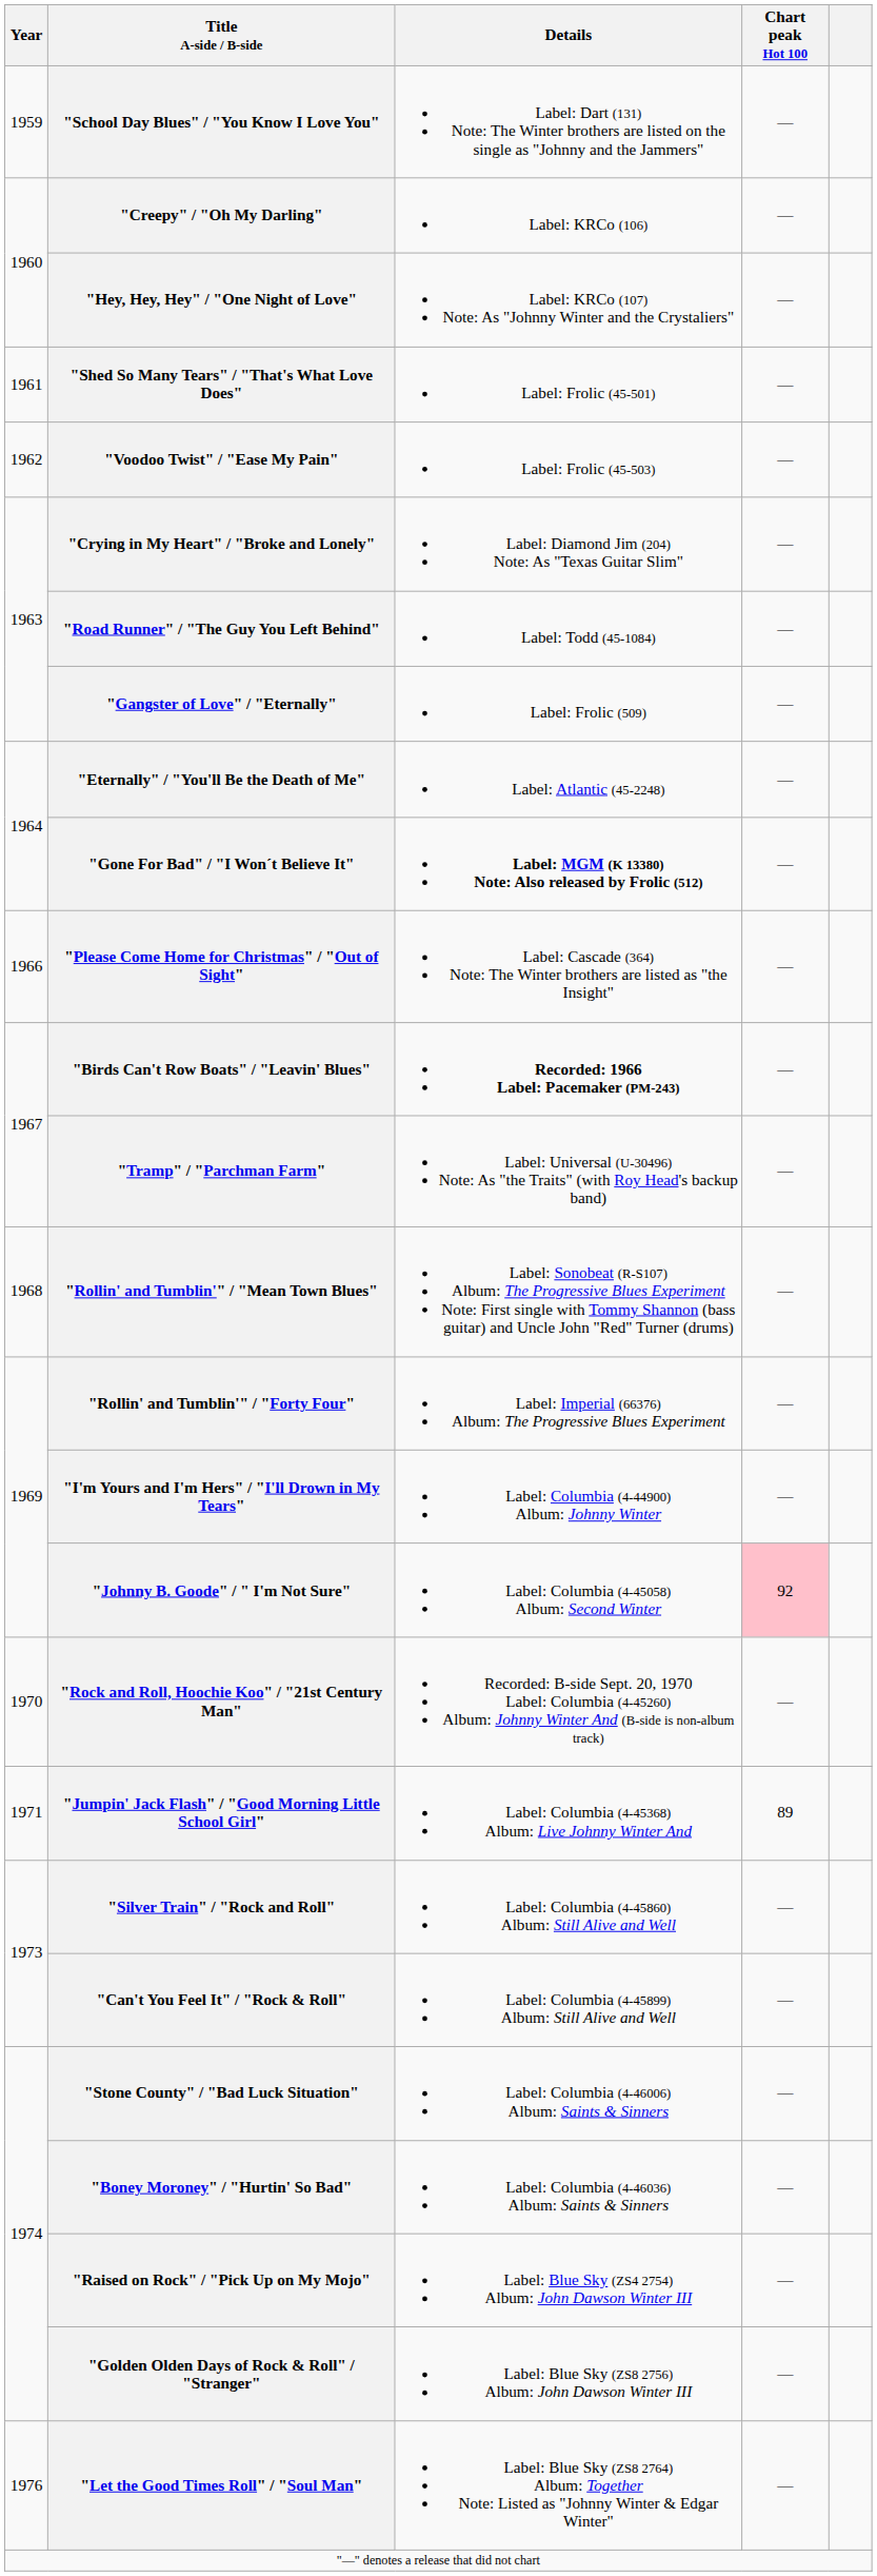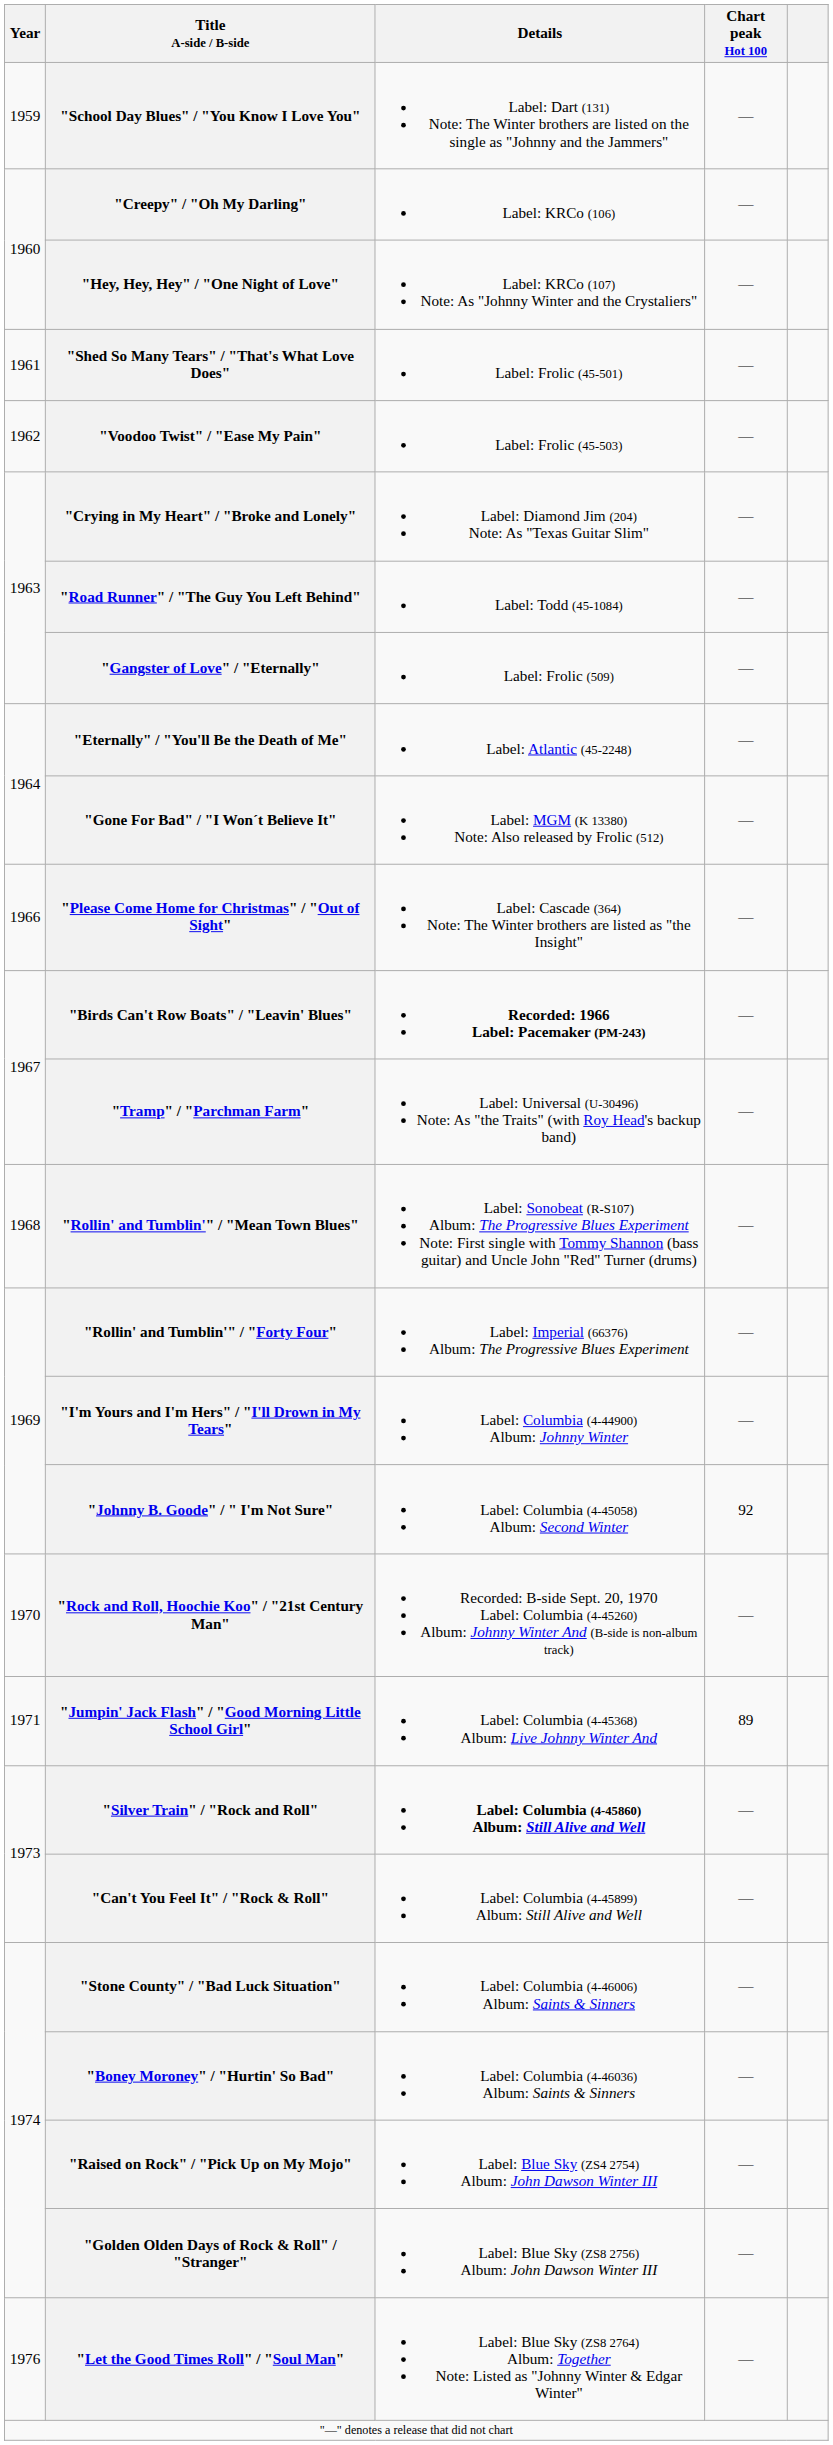 <table class="wikitable plainrowheaders" style="text-align:center;">
 <tr>
 <th scope="col" width=5%>Year</th>
 <th scope="col" width=40%>Title<br><small>A-side / B-side</small></th>
 <th scope="col" width=40%>Details</th>
 <th scope="col" width=10%>Chart<br>peak<br><small><a href='#'>Hot 100</a></small></th>
 <th scope="col" width=5%></th>
 </tr>
 <tr>
 <td>1959</td>
 <th scope="row">"School Day Blues" / "You Know I Love You"</th>
 <td><br><ul><li>Label: Dart <small>(131)</small></li><li>Note: The Winter brothers are listed on the single as "Johnny and the Jammers"</li></ul></td>
 <td>—</td>
 <td></td>
 </tr>
 <tr>
 <td rowspan=2>1960</td>
 <th scope="row">"Creepy" / "Oh My Darling"</th>
 <td><br><ul><li>Label: KRCo <small>(106)</small></li></ul></td>
 <td>—</td>
 <td></td>
 </tr>
 <tr>
 <th scope="row">"Hey, Hey, Hey" / "One Night of Love"</th>
 <td><br><ul><li>Label: KRCo <small>(107)</small></li><li>Note: As "Johnny Winter and the Crystaliers"</li></ul></td>
 <td>—</td>
 <td></td>
 </tr>
 <tr>
 <td>1961</td>
 <th scope="row">"Shed So Many Tears" / "That's What Love Does"</th>
 <td><br><ul><li>Label: Frolic <small>(45-501)</small></li></ul></td>
 <td>—</td>
 <td></td>
 </tr>
 <tr>
 <td>1962</td>
 <th scope="row">"Voodoo Twist" / "Ease My Pain"</th>
 <td><br><ul><li>Label: Frolic <small>(45-503)</small></li></ul></td>
 <td>—</td>
 <td></td>
 </tr>
 <tr>
 <td rowspan=3>1963</td>
 <th scope="row">"Crying in My Heart" / "Broke and Lonely"</th>
 <td><br><ul><li>Label: Diamond Jim <small>(204)</small></li><li>Note: As "Texas Guitar Slim"</li></ul></td>
 <td>—</td>
 <td></td>
 </tr>
 <tr>
 <th scope="row">"<a href='#'>Road Runner</a>" / "The Guy You Left Behind"</th>
 <td><br><ul><li>Label: Todd <small>(45-1084)</small></li></ul></td>
 <td>—</td>
 <td></td>
 </tr>
 <tr>
 <th scope="row">"<a href='#'>Gangster of Love</a>" / "Eternally"</th>
 <td><br><ul><li>Label: Frolic <small>(509)</small></li></ul></td>
 <td>—</td>
 <td></td>
 </tr>
 <tr>
 <td rowspan=2>1964</td>
 <th scope="row">"Eternally" / "You'll Be the Death of Me"</th>
 <td><br><ul><li>Label: <a href='#'>Atlantic</a> <small>(45-2248)</small></li></ul></td>
 <td>—</td>
 <td></td>
 </tr>
 <tr>
 <th scope="row">"Gone For Bad" / "I Won´t Believe It"</th>
-<td><strong><br><ul><li>Label: <a href='#'>MGM</a> <small>(K 13380)</small></li><li>Note: Also released by Frolic <small>(512)</small></li></ul></strong></td>
+<td><br><ul><li>Label: <a href='#'>MGM</a> <small>(K 13380)</small></li><li>Note: Also released by Frolic <small>(512)</small></li></ul></td>
 <td>—</td>
 <td></td>
 </tr>
 <tr>
 <td>1966</td>
 <th scope="row">"<a href='#'>Please Come Home for Christmas</a>" / "<a href='#'>Out of Sight</a>"</th>
 <td><br><ul><li>Label: Cascade <small>(364)</small></li><li>Note: The Winter brothers are listed as "the Insight"</li></ul></td>
 <td>—</td>
 <td></td>
 </tr>
 <tr>
 <td rowspan=2>1967</td>
 <th scope="row">"Birds Can't Row Boats" / "Leavin' Blues"</th>
 <td><strong><br><ul><li>Recorded: 1966</li><li>Label: Pacemaker <small>(PM-243)</small></li></ul></strong></td>
 <td>—</td>
 <td></td>
 </tr>
 <tr>
 <th scope="row">"<a href='#'>Tramp</a>" / "<a href='#'>Parchman Farm</a>"</th>
 <td><br><ul><li>Label: Universal <small>(U-30496)</small></li><li>Note: As "the Traits" (with <a href='#'>Roy Head</a>'s backup band)</li></ul></td>
 <td>—</td>
 <td></td>
 </tr>
 <tr>
 <td>1968</td>
 <th scope="row">"<a href='#'>Rollin' and Tumblin'</a>" / "Mean Town Blues"</th>
 <td><br><ul><li>Label: <a href='#'>Sonobeat</a> <small>(R-S107)</small></li><li>Album: <em><a href='#'>The Progressive Blues Experiment</a></em></li><li>Note: First single with <a href='#'>Tommy Shannon</a> (bass guitar) and Uncle John "Red" Turner (drums)</li></ul></td>
 <td>—</td>
 <td></td>
 </tr>
 <tr>
 <td rowspan=3>1969</td>
 <th scope="row">"Rollin' and Tumblin'" / "<a href='#'>Forty Four</a>"</th>
 <td><br><ul><li>Label: <a href='#'>Imperial</a> <small>(66376)</small></li><li>Album: <em>The Progressive Blues Experiment</em></li></ul></td>
 <td>—</td>
 <td></td>
 </tr>
 <tr>
 <th scope="row">"I'm Yours and I'm Hers" / "<a href='#'>I'll Drown in My Tears</a>"</th>
 <td><br><ul><li>Label: <a href='#'>Columbia</a> <small>(4-44900)</small></li><li>Album: <em><a href='#'>Johnny Winter</a></em></li></ul></td>
 <td>—</td>
 <td></td>
 </tr>
 <tr>
 <th scope="row">"<a href='#'>Johnny B. Goode</a>" / " I'm Not Sure"</th>
 <td><br><ul><li>Label: Columbia <small>(4-45058)</small></li><li>Album: <em><a href='#'>Second Winter</a></em></li></ul></td>
-<td style="background: pink;">92</td>
+<td>92</td>
 <td></td>
 </tr>
 <tr>
 <td>1970</td>
 <th scope="row">"<a href='#'>Rock and Roll, Hoochie Koo</a>" / "21st Century Man"</th>
 <td><br><ul><li>Recorded: B-side Sept. 20, 1970</li><li>Label: Columbia <small>(4-45260)</small></li><li>Album: <em><a href='#'>Johnny Winter And</a></em> <small>(B-side is non-album track)</small></li></ul></td>
 <td>—</td>
 <td></td>
 </tr>
 <tr>
 <td>1971</td>
 <th scope="row">"<a href='#'>Jumpin' Jack Flash</a>" / "<a href='#'>Good Morning Little School Girl</a>"</th>
 <td><br><ul><li>Label: Columbia <small>(4-45368)</small></li><li>Album: <em><a href='#'>Live Johnny Winter And</a></em></li></ul></td>
 <td>89</td>
 <td></td>
 </tr>
 <tr>
 <td rowspan=2>1973</td>
 <th scope="row">"<a href='#'>Silver Train</a>" / "Rock and Roll"</th>
-<td><br><ul><li>Label: Columbia <small>(4-45860)</small></li><li>Album: <em><a href='#'>Still Alive and Well</a></em></li></ul></td>
+<td><strong><br><ul><li>Label: Columbia <small>(4-45860)</small></li><li>Album: <em><a href='#'>Still Alive and Well</a></em></li></ul></strong></td>
 <td>—</td>
 <td></td>
 </tr>
 <tr>
 <th scope="row">"Can't You Feel It" / "Rock & Roll"</th>
 <td><br><ul><li>Label: Columbia <small>(4-45899)</small></li><li>Album: <em>Still Alive and Well</em></li></ul></td>
 <td>—</td>
 <td></td>
 </tr>
 <tr>
 <td rowspan=4>1974</td>
 <th scope="row">"Stone County" / "Bad Luck Situation"</th>
 <td><br><ul><li>Label: Columbia <small>(4-46006)</small></li><li>Album: <em><a href='#'>Saints & Sinners</a></em></li></ul></td>
 <td>—</td>
 <td></td>
 </tr>
 <tr>
 <th scope="row">"<a href='#'>Boney Moroney</a>" / "Hurtin' So Bad"</th>
 <td><br><ul><li>Label: Columbia <small>(4-46036)</small></li><li>Album: <em>Saints & Sinners</em></li></ul></td>
 <td>—</td>
 <td></td>
 </tr>
 <tr>
 <th scope="row">"Raised on Rock" / "Pick Up on My Mojo"</th>
 <td><br><ul><li>Label: <a href='#'>Blue Sky</a> <small>(ZS4 2754)</small></li><li>Album: <em><a href='#'>John Dawson Winter III</a></em></li></ul></td>
 <td>—</td>
 <td></td>
 </tr>
 <tr>
 <th scope="row">"Golden Olden Days of Rock & Roll" / "Stranger"</th>
 <td><br><ul><li>Label: Blue Sky <small>(ZS8 2756)</small></li><li>Album: <em>John Dawson Winter III</em></li></ul></td>
 <td>—</td>
 <td></td>
 </tr>
 <tr>
 <td>1976</td>
 <th scope="row">"<a href='#'>Let the Good Times Roll</a>" / "<a href='#'>Soul Man</a>"</th>
 <td><br><ul><li>Label: Blue Sky <small>(ZS8 2764)</small></li><li>Album: <em><a href='#'>Together</a></em></li><li>Note: Listed as "Johnny Winter & Edgar Winter"</li></ul></td>
 <td>—</td>
 <td></td>
 </tr>
 <tr>
 <td colspan="5" style="font-size: 80%">"—" denotes a release that did not chart</td>
 </tr>
 </table>
